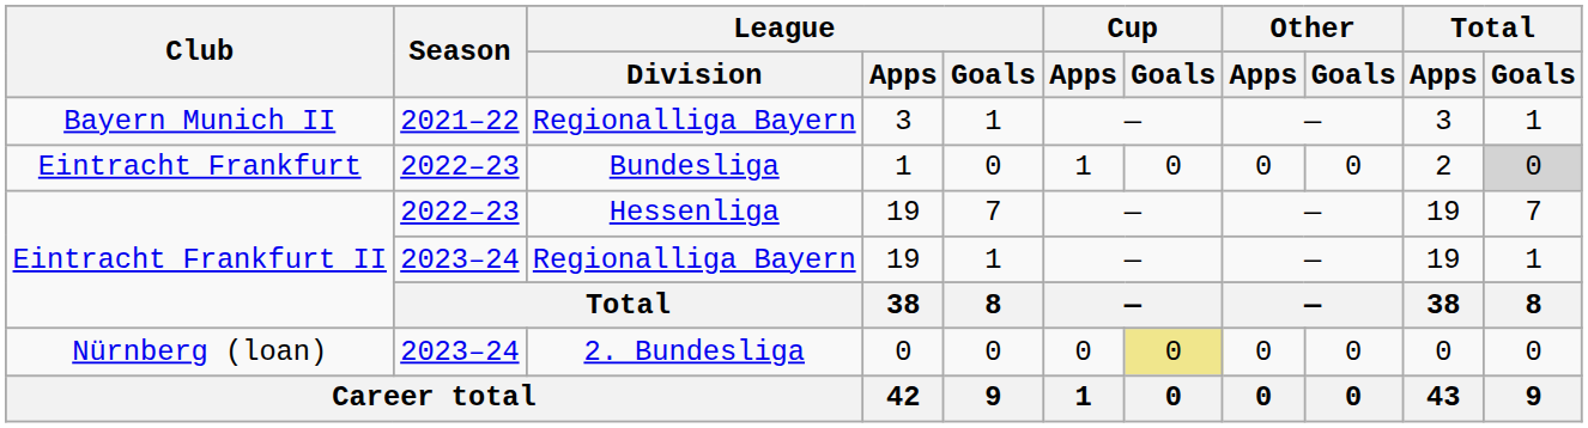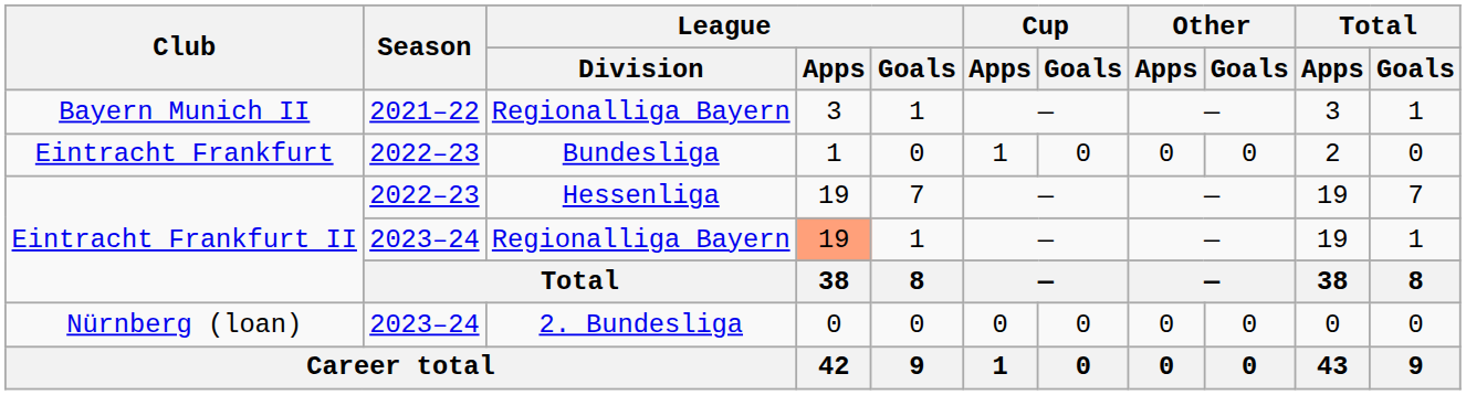 <table class=wikitable style="text-align: center;">
 <tr>
 <th rowspan=2>Club</th>
 <th rowspan=2>Season</th>
 <th colspan=3>League</th>
 <th colspan=2>Cup</th>
 <th colspan=2>Other</th>
 <th colspan=2>Total</th>
 </tr>
 <tr>
 <th>Division</th>
 <th>Apps</th>
 <th>Goals</th>
 <th>Apps</th>
 <th>Goals</th>
 <th>Apps</th>
 <th>Goals</th>
 <th>Apps</th>
 <th>Goals</th>
 </tr>
 <tr>
 <td><a href='#'>Bayern Munich II</a></td>
 <td><a href='#'>2021–22</a></td>
 <td><a href='#'>Regionalliga Bayern</a></td>
 <td>3</td>
 <td>1</td>
 <td colspan="2">—</td>
 <td colspan="2">—</td>
 <td>3</td>
 <td>1</td>
 </tr>
 <tr>
 <td><a href='#'>Eintracht Frankfurt</a></td>
 <td><a href='#'>2022–23</a></td>
 <td><a href='#'>Bundesliga</a></td>
 <td>1</td>
 <td>0</td>
 <td>1</td>
 <td>0</td>
 <td>0</td>
 <td>0</td>
 <td>2</td>
-<td style="background: lightgrey;">0</td>
+<td>0</td>
 </tr>
 <tr>
 <td rowspan="3"><a href='#'>Eintracht Frankfurt II</a></td>
 <td><a href='#'>2022–23</a></td>
 <td><a href='#'>Hessenliga</a></td>
 <td>19</td>
 <td>7</td>
 <td colspan="2">—</td>
 <td colspan="2">—</td>
 <td>19</td>
 <td>7</td>
 </tr>
 <tr>
 <td><a href='#'>2023–24</a></td>
 <td><a href='#'>Regionalliga Bayern</a></td>
-<td>19</td>
+<td style="background: lightsalmon;">19</td>
 <td>1</td>
 <td colspan="2">—</td>
 <td colspan="2">—</td>
 <td>19</td>
 <td>1</td>
 </tr>
 <tr>
 <th colspan="2">Total</th>
 <th>38</th>
 <th>8</th>
 <th colspan="2">—</th>
 <th colspan="2">—</th>
 <th>38</th>
 <th>8</th>
 </tr>
 <tr>
 <td><a href='#'>Nürnberg</a> (loan)</td>
 <td><a href='#'>2023–24</a></td>
 <td><a href='#'>2. Bundesliga</a></td>
 <td>0</td>
 <td>0</td>
 <td>0</td>
-<td style="background: khaki;">0</td>
+<td>0</td>
 <td>0</td>
 <td>0</td>
 <td>0</td>
 <td>0</td>
 </tr>
 <tr>
 <th colspan="3">Career total</th>
 <th>42</th>
 <th>9</th>
 <th>1</th>
 <th>0</th>
 <th>0</th>
 <th>0</th>
 <th>43</th>
 <th>9</th>
 </tr>
 </table>
